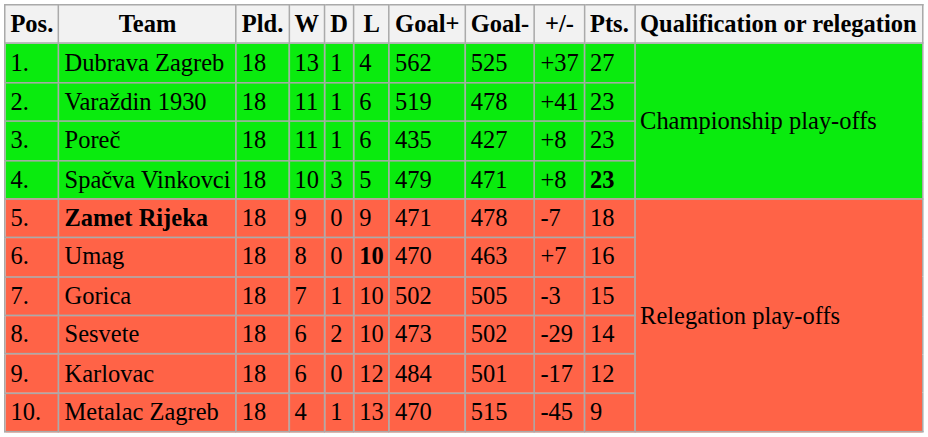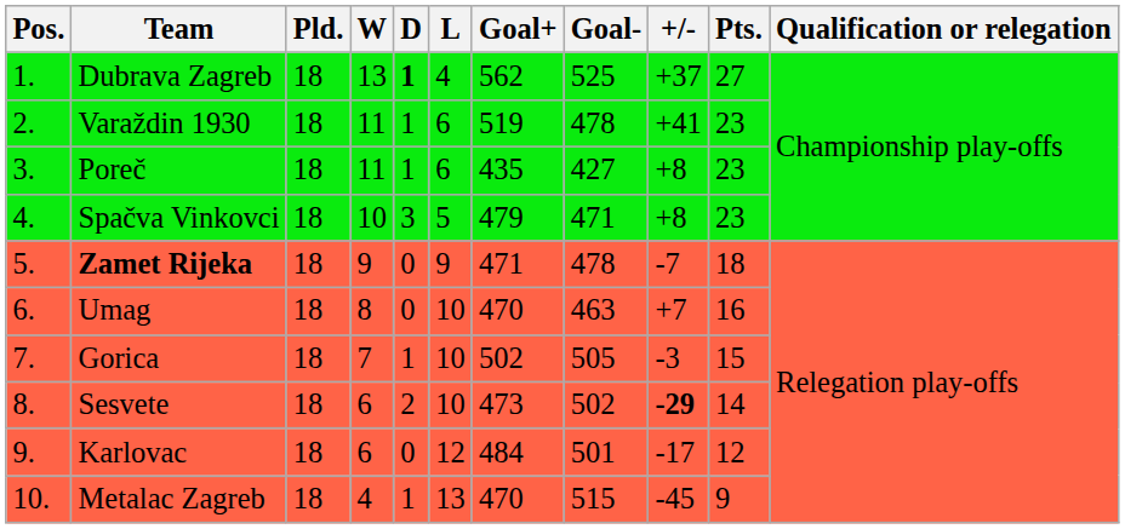 <table class="wikitable">
 <tr>
 <th>Pos.</th>
 <th>Team</th>
 <th>Pld.</th>
 <th>W</th>
 <th>D</th>
 <th>L</th>
 <th>Goal+</th>
 <th>Goal-</th>
 <th>+/-</th>
 <th>Pts.</th>
 <th>Qualification or relegation</th>
 </tr>
 <tr bgcolor="paleblue">
 <td>1.</td>
 <td>Dubrava Zagreb</td>
 <td>18</td>
 <td>13</td>
-<td>1</td>
+<td><strong>1</strong></td>
 <td>4</td>
 <td>562</td>
 <td>525</td>
 <td>+37</td>
 <td>27</td>
 <td rowspan=4>Championship play-offs</td>
 </tr>
 <tr bgcolor="paleblue">
 <td>2.</td>
 <td>Varaždin 1930</td>
 <td>18</td>
 <td>11</td>
 <td>1</td>
 <td>6</td>
 <td>519</td>
 <td>478</td>
 <td>+41</td>
 <td>23</td>
 </tr>
 <tr bgcolor="paleblue">
 <td>3.</td>
 <td>Poreč</td>
 <td>18</td>
 <td>11</td>
 <td>1</td>
 <td>6</td>
 <td>435</td>
 <td>427</td>
 <td>+8</td>
 <td>23</td>
 </tr>
 <tr bgcolor="paleblue">
 <td>4.</td>
 <td>Spačva Vinkovci</td>
 <td>18</td>
 <td>10</td>
 <td>3</td>
 <td>5</td>
 <td>479</td>
 <td>471</td>
 <td>+8</td>
-<td><strong>23</strong></td>
+<td>23</td>
 </tr>
 <tr style="background:tomato;">
 <td>5.</td>
 <td><strong>Zamet Rijeka</strong></td>
 <td>18</td>
 <td>9</td>
 <td>0</td>
 <td>9</td>
 <td>471</td>
 <td>478</td>
 <td>-7</td>
 <td>18</td>
 <td rowspan=6>Relegation play-offs</td>
 </tr>
 <tr style="background:tomato;">
 <td>6.</td>
 <td>Umag</td>
 <td>18</td>
 <td>8</td>
 <td>0</td>
-<td><strong>10</strong></td>
+<td>10</td>
 <td>470</td>
 <td>463</td>
 <td>+7</td>
 <td>16</td>
 </tr>
 <tr style="background:tomato;">
 <td>7.</td>
 <td>Gorica</td>
 <td>18</td>
 <td>7</td>
 <td>1</td>
 <td>10</td>
 <td>502</td>
 <td>505</td>
 <td>-3</td>
 <td>15</td>
 </tr>
 <tr style="background:tomato;">
 <td>8.</td>
 <td>Sesvete</td>
 <td>18</td>
 <td>6</td>
 <td>2</td>
 <td>10</td>
 <td>473</td>
 <td>502</td>
-<td>-29</td>
+<td><strong>-29</strong></td>
 <td>14</td>
 </tr>
 <tr style="background:tomato;">
 <td>9.</td>
 <td>Karlovac</td>
 <td>18</td>
 <td>6</td>
 <td>0</td>
 <td>12</td>
 <td>484</td>
 <td>501</td>
 <td>-17</td>
 <td>12</td>
 </tr>
 <tr style="background:tomato;">
 <td>10.</td>
 <td>Metalac Zagreb</td>
 <td>18</td>
 <td>4</td>
 <td>1</td>
 <td>13</td>
 <td>470</td>
 <td>515</td>
 <td>-45</td>
 <td>9</td>
 </tr>
 </table>
